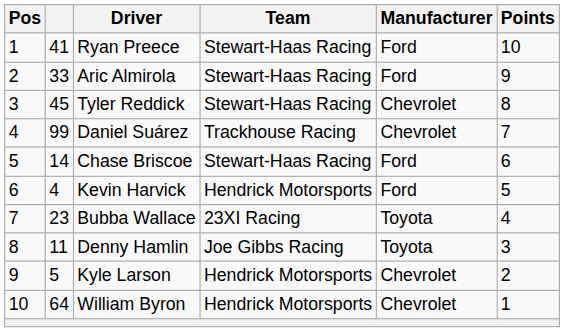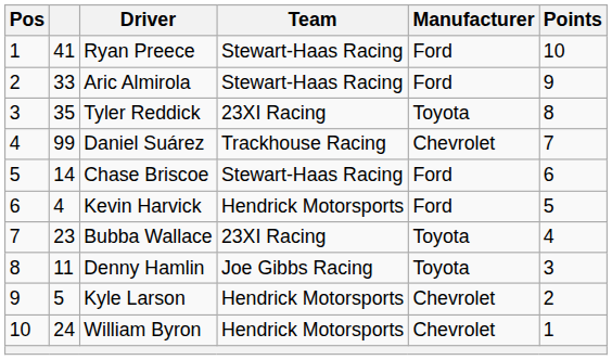 <table class="wikitable" style="font-size:98%">
 <tr>
 <th>Pos</th>
 <th></th>
 <th>Driver</th>
 <th>Team</th>
 <th>Manufacturer</th>
 <th>Points</th>
 </tr>
 <tr>
 <td>1</td>
 <td>41</td>
 <td>Ryan Preece</td>
 <td>Stewart-Haas Racing</td>
 <td>Ford</td>
 <td>10</td>
 </tr>
 <tr>
 <td>2</td>
 <td>33</td>
 <td>Aric Almirola</td>
 <td>Stewart-Haas Racing</td>
 <td>Ford</td>
 <td>9</td>
 </tr>
 <tr>
 <td>3</td>
-<td>45</td>
+<td>35</td>
 <td>Tyler Reddick</td>
-<td>Stewart-Haas Racing</td>
-<td>Chevrolet</td>
+<td>23XI Racing</td>
+<td>Toyota</td>
 <td>8</td>
 </tr>
 <tr>
 <td>4</td>
 <td>99</td>
 <td>Daniel Suárez</td>
 <td>Trackhouse Racing</td>
 <td>Chevrolet</td>
 <td>7</td>
 </tr>
 <tr>
 <td>5</td>
 <td>14</td>
 <td>Chase Briscoe</td>
 <td>Stewart-Haas Racing</td>
 <td>Ford</td>
 <td>6</td>
 </tr>
 <tr>
 <td>6</td>
 <td>4</td>
 <td>Kevin Harvick</td>
 <td>Hendrick Motorsports</td>
 <td>Ford</td>
 <td>5</td>
 </tr>
 <tr>
 <td>7</td>
 <td>23</td>
 <td>Bubba Wallace</td>
 <td>23XI Racing</td>
 <td>Toyota</td>
 <td>4</td>
 </tr>
 <tr>
 <td>8</td>
 <td>11</td>
 <td>Denny Hamlin</td>
 <td>Joe Gibbs Racing</td>
 <td>Toyota</td>
 <td>3</td>
 </tr>
 <tr>
 <td>9</td>
 <td>5</td>
 <td>Kyle Larson</td>
 <td>Hendrick Motorsports</td>
 <td>Chevrolet</td>
 <td>2</td>
 </tr>
 <tr>
 <td>10</td>
-<td>64</td>
+<td>24</td>
 <td>William Byron</td>
 <td>Hendrick Motorsports</td>
 <td>Chevrolet</td>
 <td>1</td>
 </tr>
 <tr>
 <th colspan="6"></th>
 </tr>
 </table>
